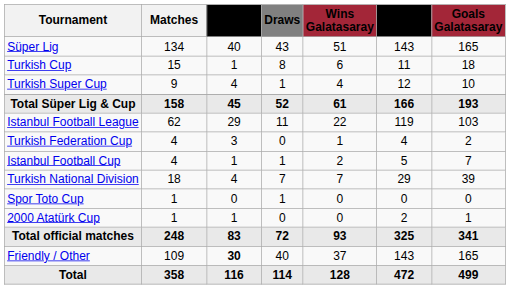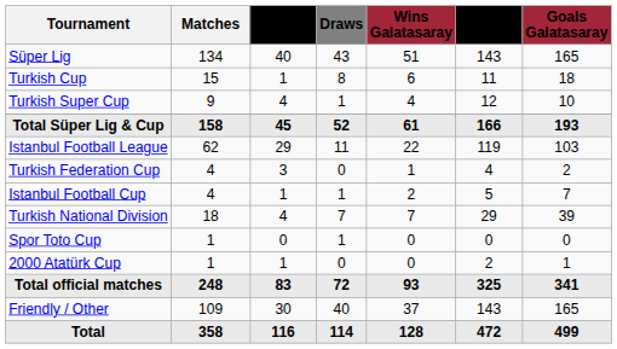 <table class="wikitable" style="text-align:center">
 <tr>
 <th><strong>Tournament</strong></th>
 <th width="13%"><strong>Matches</strong></th>
 <th style="background:black; text-align:center;"><span>Wins<br>Beşiktaş</span></th>
 <th style="background:grey; text-align:center;"><span>Draws</span></th>
 <th style="background:#A32638; text-align:center;"><span>Wins<br><strong>Galatasaray</strong></span></th>
 <th style="background:black; text-align:center;"><span>Goals<br>Beşiktaş</span></th>
 <th style="background:#A32638; text-align:center;"><span>Goals<br>Galatasaray</span></th>
 </tr>
 <tr>
 <td align="left"><a href='#'>Süper Lig</a></td>
 <td>134</td>
 <td>40</td>
 <td>43</td>
 <td>51</td>
 <td>143</td>
 <td>165</td>
 </tr>
 <tr>
 <td align="left"><a href='#'>Turkish Cup</a></td>
 <td>15</td>
 <td>1</td>
 <td>8</td>
 <td>6</td>
 <td>11</td>
 <td>18</td>
 </tr>
 <tr>
 <td align="left"><a href='#'>Turkish Super Cup</a></td>
 <td>9</td>
 <td>4</td>
 <td>1</td>
 <td>4</td>
 <td>12</td>
 <td>10</td>
 </tr>
 <tr>
 </tr>
 <tr bgcolor=E9E9E9>
 <td><strong>Total Süper Lig & Cup</strong></td>
 <td><strong>158</strong></td>
 <td><strong>45</strong></td>
 <td><strong>52</strong></td>
 <td><strong>61</strong></td>
 <td><strong>166</strong></td>
 <td><strong>193</strong></td>
 </tr>
 <tr>
 <td align="left"><a href='#'>Istanbul Football League</a></td>
 <td>62</td>
 <td>29</td>
 <td>11</td>
 <td>22</td>
 <td>119</td>
 <td>103</td>
 </tr>
 <tr>
 <td align="left"><a href='#'>Turkish Federation Cup</a></td>
 <td>4</td>
 <td>3</td>
 <td>0</td>
 <td>1</td>
 <td>4</td>
 <td>2</td>
 </tr>
 <tr>
 <td align="left"><a href='#'>Istanbul Football Cup</a></td>
 <td>4</td>
 <td>1</td>
 <td>1</td>
 <td>2</td>
 <td>5</td>
 <td>7</td>
 </tr>
 <tr>
 <td align="left"><a href='#'>Turkish National Division</a></td>
 <td>18</td>
 <td>4</td>
 <td>7</td>
 <td>7</td>
 <td>29</td>
 <td>39</td>
 </tr>
 <tr>
 <td align="left"><a href='#'>Spor Toto Cup</a></td>
 <td>1</td>
 <td>0</td>
 <td>1</td>
 <td>0</td>
 <td>0</td>
 <td>0</td>
 </tr>
 <tr>
 <td align="left"><a href='#'>2000 Atatürk Cup</a></td>
 <td>1</td>
 <td>1</td>
 <td>0</td>
 <td>0</td>
 <td>2</td>
 <td>1</td>
 </tr>
 <tr bgcolor="E9E9E9">
 <td><strong>Total official matches</strong></td>
 <td><strong>248</strong></td>
 <td><strong>83</strong></td>
 <td><strong>72</strong></td>
 <td><strong>93</strong></td>
 <td><strong>325</strong></td>
 <td><strong>341</strong></td>
 </tr>
 <tr>
 <td align="left"><a href='#'>Friendly / Other</a></td>
 <td>109</td>
-<td><strong>30</strong></td>
+<td>30</td>
 <td>40</td>
 <td>37</td>
 <td>143</td>
 <td>165</td>
 </tr>
 <tr bgcolor="E9E9E9">
 <td><strong>Total</strong></td>
 <td><strong>358</strong></td>
 <td><strong>116</strong></td>
 <td><strong>114</strong></td>
 <td><strong>128</strong></td>
 <td><strong>472</strong></td>
 <td><strong>499</strong></td>
 </tr>
 </table>
